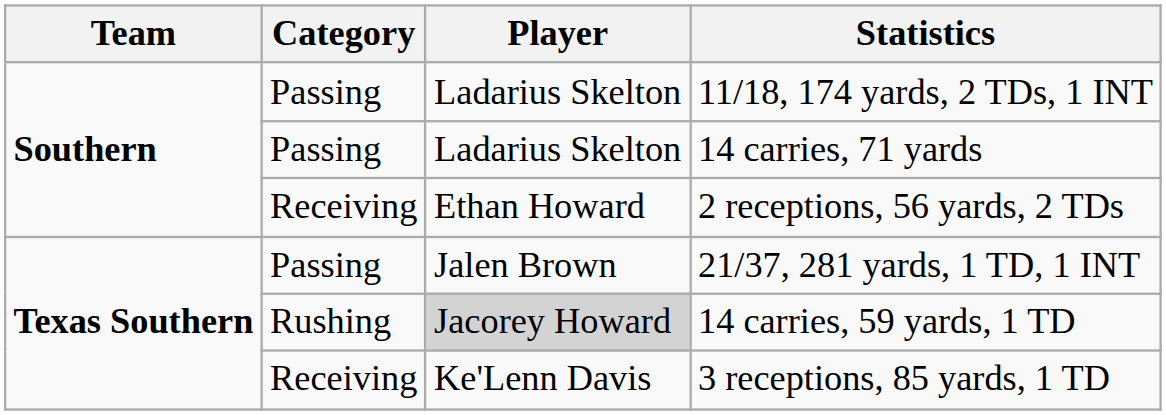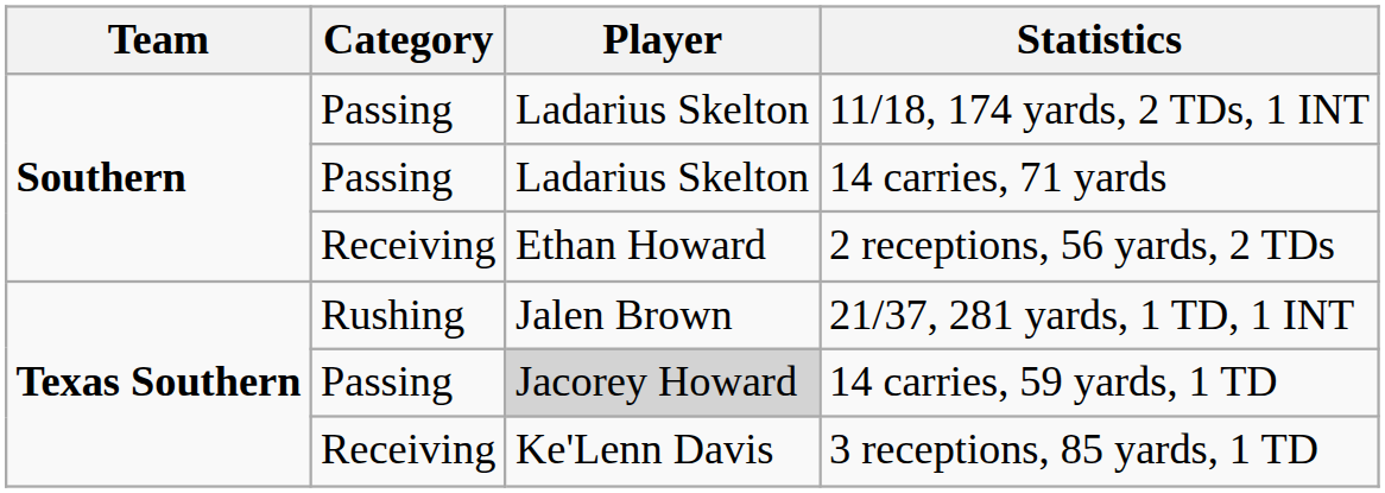 <table class="wikitable" style="float: left;">
 <tr>
 <th>Team</th>
 <th>Category</th>
 <th>Player</th>
 <th>Statistics</th>
 </tr>
 <tr>
 <td rowspan=3><strong>Southern</strong></td>
 <td>Passing</td>
 <td>Ladarius Skelton</td>
 <td>11/18, 174 yards, 2 TDs, 1 INT</td>
 </tr>
 <tr>
 <td>Passing</td>
 <td>Ladarius Skelton</td>
 <td>14 carries, 71 yards</td>
 </tr>
 <tr>
 <td>Receiving</td>
 <td>Ethan Howard</td>
 <td>2 receptions, 56 yards, 2 TDs</td>
 </tr>
 <tr>
 <td rowspan=3><strong>Texas Southern</strong></td>
-<td>Passing</td>
+<td>Rushing</td>
 <td>Jalen Brown</td>
 <td>21/37, 281 yards, 1 TD, 1 INT</td>
 </tr>
 <tr>
-<td>Rushing</td>
+<td>Passing</td>
 <td style="background: lightgrey;">Jacorey Howard</td>
 <td>14 carries, 59 yards, 1 TD</td>
 </tr>
 <tr>
 <td>Receiving</td>
 <td>Ke'Lenn Davis</td>
 <td>3 receptions, 85 yards, 1 TD</td>
 </tr>
 </table>
